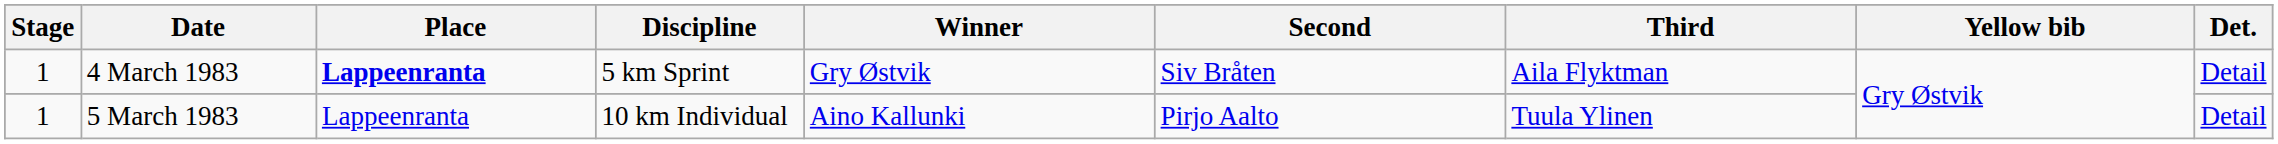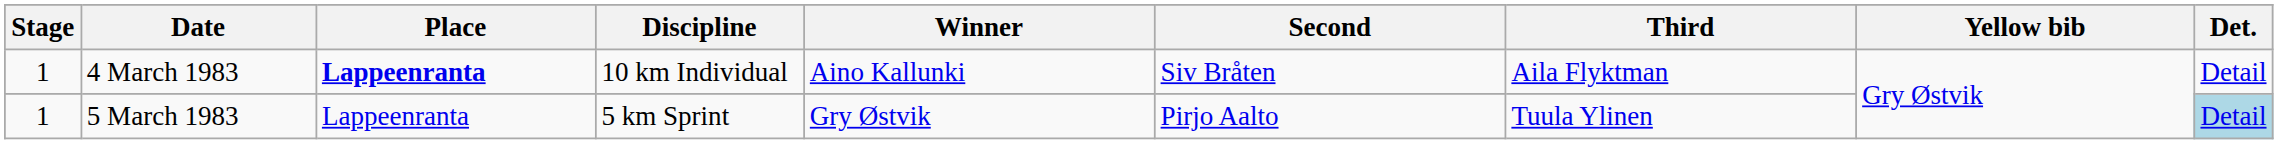 <table class="wikitable" style="font-size:95%;">
 <tr>
 <th width="10">Stage</th>
 <th width="125">Date</th>
 <th width="150">Place</th>
 <th width="110">Discipline</th>
 <th width="190">Winner</th>
 <th width="190">Second</th>
 <th width="190">Third</th>
 <th width="183">Yellow bib <br> </th>
 <th width="8">Det.</th>
 </tr>
 <tr>
 <td align=center>1</td>
 <td>4 March 1983</td>
 <td><strong> <a href='#'>Lappeenranta</a></strong></td>
-<td>5 km Sprint</td>
-<td> <a href='#'>Gry Østvik</a></td>
+<td>10 km Individual</td>
+<td> <a href='#'>Aino Kallunki</a></td>
 <td> <a href='#'>Siv Bråten</a></td>
 <td> <a href='#'>Aila Flyktman</a></td>
 <td rowspan="2"> <a href='#'>Gry Østvik</a></td>
 <td><a href='#'>Detail</a></td>
 </tr>
 <tr>
 <td align=center>1</td>
 <td>5 March 1983</td>
 <td> <a href='#'>Lappeenranta</a></td>
-<td>10 km Individual</td>
-<td> <a href='#'>Aino Kallunki</a></td>
+<td>5 km Sprint</td>
+<td> <a href='#'>Gry Østvik</a></td>
 <td> <a href='#'>Pirjo Aalto</a></td>
 <td> <a href='#'>Tuula Ylinen</a></td>
-<td><a href='#'>Detail</a></td>
+<td style="background: lightblue;"><a href='#'>Detail</a></td>
 </tr>
 </table>
